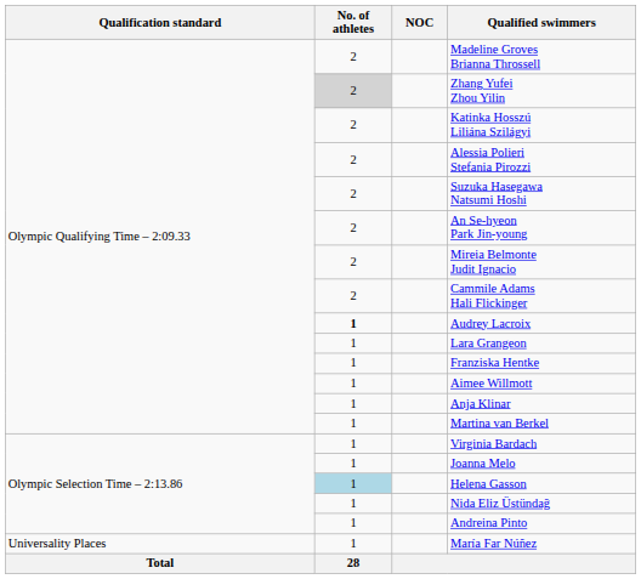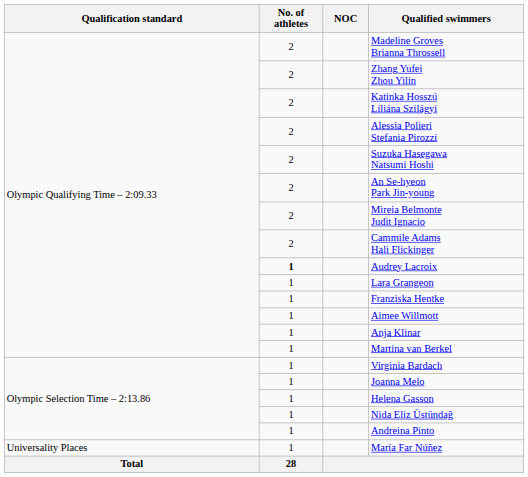 <table class=wikitable style="text-align:left" width=800>
 <tr>
 <th>Qualification standard</th>
 <th width=90>No. of athletes</th>
 <th>NOC</th>
 <th>Qualified swimmers</th>
 </tr>
 <tr>
 <td rowspan=14>Olympic Qualifying Time – 2:09.33</td>
 <td align=center>2</td>
 <td></td>
 <td><a href='#'>Madeline Groves</a><br><a href='#'>Brianna Throssell</a></td>
 </tr>
 <tr>
-<td align=center style="background: lightgrey;">2</td>
+<td align=center>2</td>
 <td></td>
 <td><a href='#'>Zhang Yufei</a><br><a href='#'>Zhou Yilin</a></td>
 </tr>
 <tr>
 <td align=center>2</td>
 <td></td>
 <td><a href='#'>Katinka Hosszú</a><br><a href='#'>Liliána Szilágyi</a></td>
 </tr>
 <tr>
 <td align=center>2</td>
 <td></td>
 <td><a href='#'>Alessia Polieri</a><br><a href='#'>Stefania Pirozzi</a></td>
 </tr>
 <tr>
 <td align=center>2</td>
 <td></td>
 <td><a href='#'>Suzuka Hasegawa</a><br><a href='#'>Natsumi Hoshi</a></td>
 </tr>
 <tr>
 <td align=center>2</td>
 <td></td>
 <td><a href='#'>An Se-hyeon</a><br><a href='#'>Park Jin-young</a></td>
 </tr>
 <tr>
 <td align=center>2</td>
 <td></td>
 <td><a href='#'>Mireia Belmonte</a><br><a href='#'>Judit Ignacio</a></td>
 </tr>
 <tr>
 <td align=center>2</td>
 <td></td>
 <td><a href='#'>Cammile Adams</a><br><a href='#'>Hali Flickinger</a></td>
 </tr>
 <tr>
 <td align=center><strong>1</strong></td>
 <td></td>
 <td><a href='#'>Audrey Lacroix</a></td>
 </tr>
 <tr>
 <td align=center>1</td>
 <td></td>
 <td><a href='#'>Lara Grangeon</a></td>
 </tr>
 <tr>
 <td align=center>1</td>
 <td></td>
 <td><a href='#'>Franziska Hentke</a></td>
 </tr>
 <tr>
 <td align=center>1</td>
 <td></td>
 <td><a href='#'>Aimee Willmott</a></td>
 </tr>
 <tr>
 <td align=center>1</td>
 <td></td>
 <td><a href='#'>Anja Klinar</a></td>
 </tr>
 <tr>
 <td align=center>1</td>
 <td></td>
 <td><a href='#'>Martina van Berkel</a></td>
 </tr>
 <tr>
 <td rowspan=5>Olympic Selection Time – 2:13.86</td>
 <td align=center>1</td>
 <td></td>
 <td><a href='#'>Virginia Bardach</a></td>
 </tr>
 <tr>
 <td align=center>1</td>
 <td></td>
 <td><a href='#'>Joanna Melo</a></td>
 </tr>
 <tr>
-<td align=center style="background: lightblue;">1</td>
+<td align=center>1</td>
 <td></td>
 <td><a href='#'>Helena Gasson</a></td>
 </tr>
 <tr>
 <td align=center>1</td>
 <td></td>
 <td><a href='#'>Nida Eliz Üstündağ</a></td>
 </tr>
 <tr>
 <td align=center>1</td>
 <td></td>
 <td><a href='#'>Andreina Pinto</a></td>
 </tr>
 <tr>
 <td>Universality Places</td>
 <td align=center>1</td>
 <td></td>
 <td><a href='#'>María Far Núñez</a></td>
 </tr>
 <tr>
 <th><strong>Total</strong></th>
 <th>28</th>
 <th colspan=2></th>
 </tr>
 </table>
